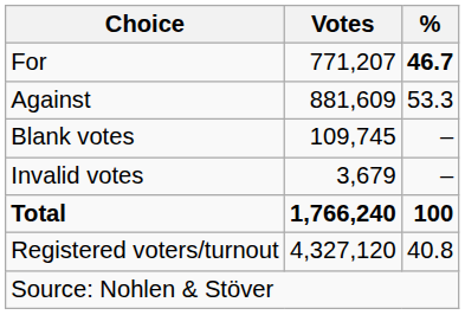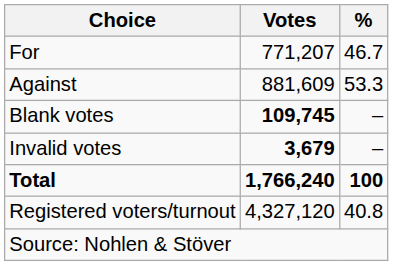 <table class=wikitable style=text-align:right>
 <tr>
 <th>Choice</th>
 <th>Votes</th>
 <th>%</th>
 </tr>
 <tr>
 <td align=left>For</td>
 <td>771,207</td>
-<td><strong>46.7</strong></td>
+<td>46.7</td>
 </tr>
 <tr>
 <td align=left>Against</td>
 <td>881,609</td>
 <td>53.3</td>
 </tr>
 <tr>
 <td align=left>Blank votes</td>
-<td>109,745</td>
+<td><strong>109,745</strong></td>
 <td>–</td>
 </tr>
 <tr>
 <td align=left>Invalid votes</td>
-<td>3,679</td>
+<td><strong>3,679</strong></td>
 <td>–</td>
 </tr>
 <tr>
 <td align=left><strong>Total</strong></td>
 <td><strong>1,766,240</strong></td>
 <td><strong>100</strong></td>
 </tr>
 <tr>
 <td align=left>Registered voters/turnout</td>
 <td>4,327,120</td>
 <td>40.8</td>
 </tr>
 <tr>
 <td align=left colspan=3>Source: Nohlen & Stöver</td>
 </tr>
 </table>
